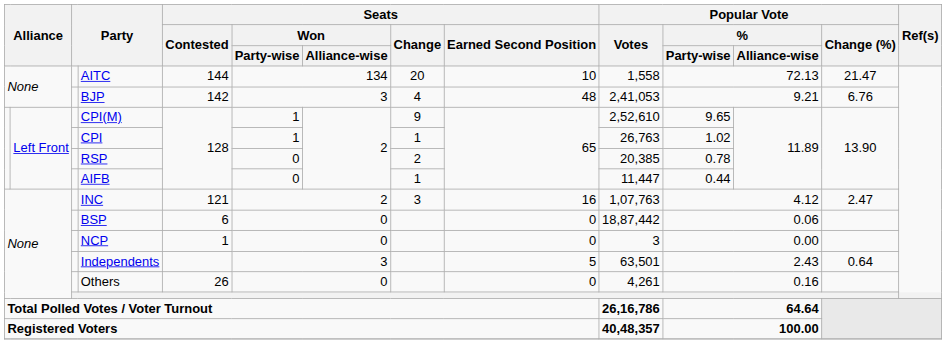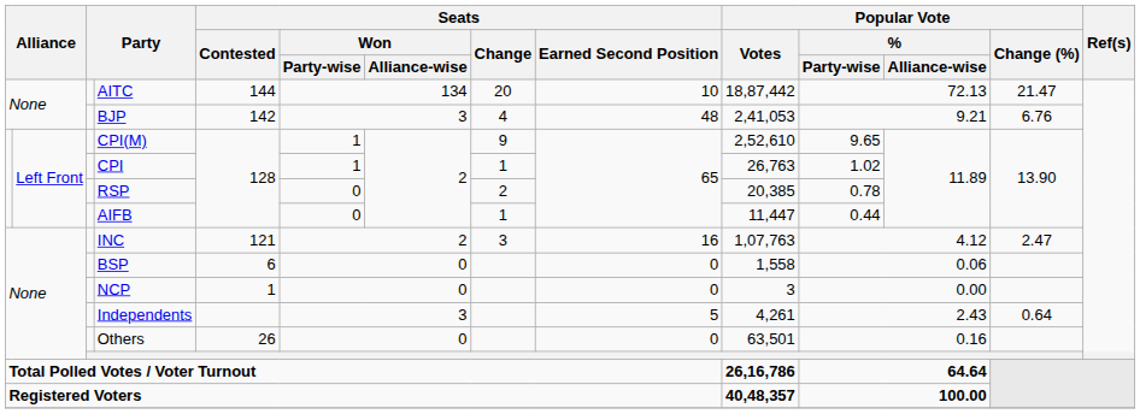 <table class="wikitable">
 <tr>
 <th colspan="2" rowspan="3">Alliance</th>
 <th colspan="2" rowspan="3">Party</th>
 <th colspan="5" rowspan="1">Seats</th>
 <th colspan="4" rowspan="1">Popular Vote</th>
 <th rowspan="3">Ref(s)</th>
 </tr>
 <tr>
 <th rowspan="2">Contested<br></th>
 <th colspan="2">Won</th>
 <th rowspan="2">Change<br></th>
 <th rowspan="2">Earned Second Position<br></th>
 <th rowspan="2">Votes</th>
 <th colspan="2">%</th>
 <th rowspan="2">Change (%)<br></th>
 </tr>
 <tr>
 <th>Party-wise</th>
 <th>Alliance-wise</th>
 <th>Party-wise</th>
 <th>Alliance-wise<br></th>
 </tr>
 <tr>
 <td colspan="2" rowspan="2"><em>None</em></td>
 <td style="background-color: "></td>
 <td><a href='#'>AITC</a></td>
 <td style="text-align:right">144</td>
 <td colspan="2" style="text-align:right">134</td>
 <td style="text-align:center"> 20</td>
 <td style="text-align:right">10</td>
-<td style="text-align:right">1,558</td>
+<td style="text-align:right">18,87,442</td>
 <td colspan="2" style="text-align:right">72.13</td>
 <td style="text-align:center"> 21.47</td>
 <td rowspan="12"></td>
 </tr>
 <tr>
 <td style="background-color: "></td>
 <td><a href='#'>BJP</a></td>
 <td style="text-align:right">142</td>
 <td colspan="2" style="text-align:right">3</td>
 <td style="text-align:center"> 4</td>
 <td style="text-align:right">48</td>
 <td style="text-align:right">2,41,053</td>
 <td colspan="2" style="text-align:right">9.21</td>
 <td style="text-align:center"> 6.76</td>
 </tr>
 <tr>
 <td rowspan="4" style="background-color: "></td>
 <td rowspan="4"><a href='#'>Left Front</a></td>
 <td style="background-color: "></td>
 <td><a href='#'>CPI(M)</a></td>
 <td rowspan="4" style="text-align:right">128</td>
 <td style="text-align:right">1</td>
 <td rowspan="4" style="text-align:right">2</td>
 <td style="text-align:center"> 9</td>
 <td rowspan="4" style="text-align:right">65</td>
 <td style="text-align:right">2,52,610</td>
 <td style="text-align:right">9.65</td>
 <td rowspan="4" style="text-align:right">11.89</td>
 <td rowspan="4" style="text-align:center"> 13.90</td>
 </tr>
 <tr>
 <td style="background-color: "></td>
 <td><a href='#'>CPI</a></td>
 <td style="text-align:right">1</td>
 <td style="text-align:center"> 1</td>
 <td style="text-align:right">26,763</td>
 <td style="text-align:right">1.02</td>
 </tr>
 <tr>
 <td style="background-color: "></td>
 <td><a href='#'>RSP</a></td>
 <td style="text-align:right">0</td>
 <td style="text-align:center"> 2</td>
 <td style="text-align:right">20,385</td>
 <td style="text-align:right">0.78</td>
 </tr>
 <tr>
 <td style="background-color: "></td>
 <td><a href='#'>AIFB</a></td>
 <td style="text-align:right">0</td>
 <td style="text-align:center"> 1</td>
 <td style="text-align:right">11,447</td>
 <td style="text-align:right">0.44</td>
 </tr>
 <tr>
 <td colspan="2" rowspan="6"><em>None</em></td>
 <td style="background-color: "></td>
 <td><a href='#'>INC</a></td>
 <td style="text-align:right">121</td>
 <td colspan="2" style="text-align:right">2</td>
 <td style="text-align:center"> 3</td>
 <td style="text-align:right">16</td>
 <td style="text-align:right">1,07,763</td>
 <td colspan="2" style="text-align:right">4.12</td>
 <td style="text-align:center"> 2.47</td>
 </tr>
 <tr>
 <td style="background-color: "></td>
 <td><a href='#'>BSP</a></td>
 <td style="text-align:right">6</td>
 <td colspan="2" style="text-align:right">0</td>
 <td style="text-align:center"></td>
 <td style="text-align:right">0</td>
-<td style="text-align:right">18,87,442</td>
+<td style="text-align:right">1,558</td>
 <td colspan="2" style="text-align:right">0.06</td>
 <td style="text-align:center"></td>
 </tr>
 <tr>
 <td style="background-color: "></td>
 <td><a href='#'>NCP</a></td>
 <td style="text-align:right">1</td>
 <td colspan="2" style="text-align:right">0</td>
 <td style="text-align:center"></td>
 <td style="text-align:right">0</td>
 <td style="text-align:right">3</td>
 <td colspan="2" style="text-align:right">0.00</td>
 <td style="text-align:center"></td>
 </tr>
 <tr>
 <td style="background-color: "></td>
 <td><a href='#'>Independents</a></td>
 <td style="text-align:right"></td>
 <td colspan="2" style="text-align:right">3</td>
 <td style="text-align:center"></td>
 <td style="text-align:right">5</td>
-<td style="text-align:right">63,501</td>
+<td style="text-align:right">4,261</td>
 <td colspan="2" style="text-align:right">2.43</td>
 <td style="text-align:center"> 0.64</td>
 </tr>
 <tr>
 <td style="background-color: "></td>
 <td>Others</td>
 <td style="text-align:right">26</td>
 <td colspan="2" style="text-align:right">0</td>
 <td style="text-align:center"></td>
 <td style="text-align:right">0</td>
-<td style="text-align:right">4,261</td>
+<td style="text-align:right">63,501</td>
 <td colspan="2" style="text-align:right">0.16</td>
 <td style="text-align:center"></td>
 </tr>
 <tr>
 <th colspan="14"></th>
 </tr>
 <tr>
 <td colspan="9"><strong>Total Polled Votes / Voter Turnout</strong></td>
 <td style="text-align:right"><strong>26,16,786</strong></td>
 <td colspan="2" style="text-align:right"><strong>64.64</strong></td>
 <td colspan="2" rowspan="2" style="background-color:#E9E9E9"></td>
 </tr>
 <tr>
 <td colspan="9"><strong>Registered Voters</strong></td>
 <td style="text-align:right"><strong>40,48,357</strong></td>
 <td colspan="2" style="text-align:right"><strong>100.00</strong></td>
 </tr>
 <tr>
 </tr>
 </table>
